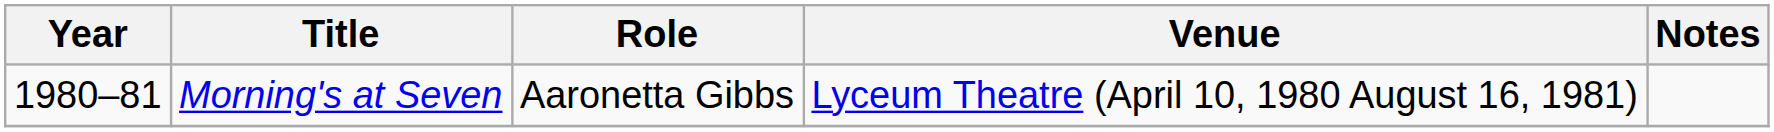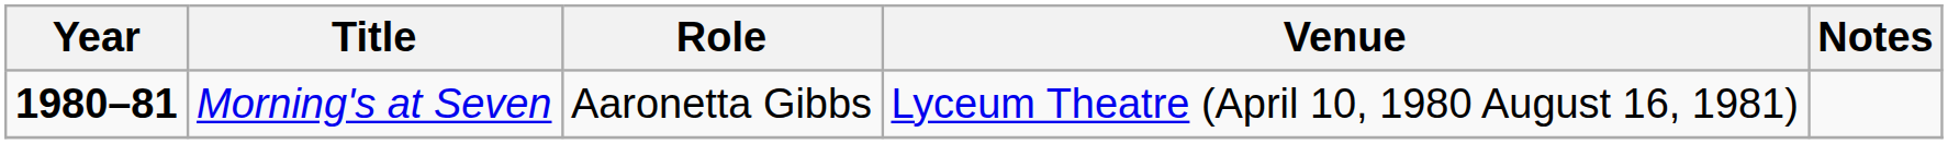 <table class="wikitable sortable">
 <tr>
 <th>Year</th>
 <th>Title</th>
 <th>Role</th>
 <th>Venue</th>
 <th class="unsortable">Notes</th>
 </tr>
 <tr>
-<td>1980–81</td>
+<td><strong>1980–81</strong></td>
 <td><em><a href='#'>Morning's at Seven</a></em></td>
 <td>Aaronetta Gibbs</td>
 <td><a href='#'>Lyceum Theatre</a> (April 10, 1980 August 16, 1981)</td>
 <td></td>
 </tr>
 <tr>
 </tr>
 </table>
